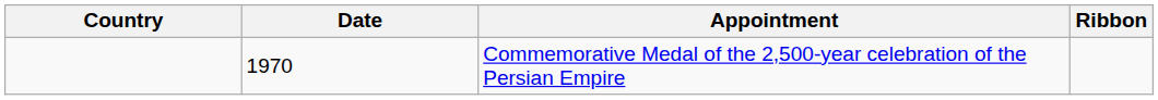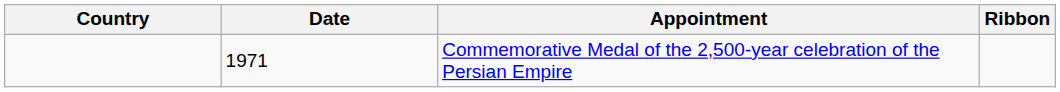 <table class="wikitable plainrowheaders" width="100%" style="margin:0.5em 1em 0.5em 0; border:1px solid #005566; border-collapse:collapse;">
 <tr>
 <th width="20%"><span>Country</span></th>
 <th width="20%"><span>Date</span></th>
 <th width="50%"><span>Appointment</span></th>
 <th width="5%"><span>Ribbon</span></th>
 </tr>
 <tr>
 <td></td>
-<td>1970</td>
+<td>1971</td>
 <td><a href='#'>Commemorative Medal of the 2,500-year celebration of the Persian Empire</a></td>
 <td></td>
 </tr>
 </table>
